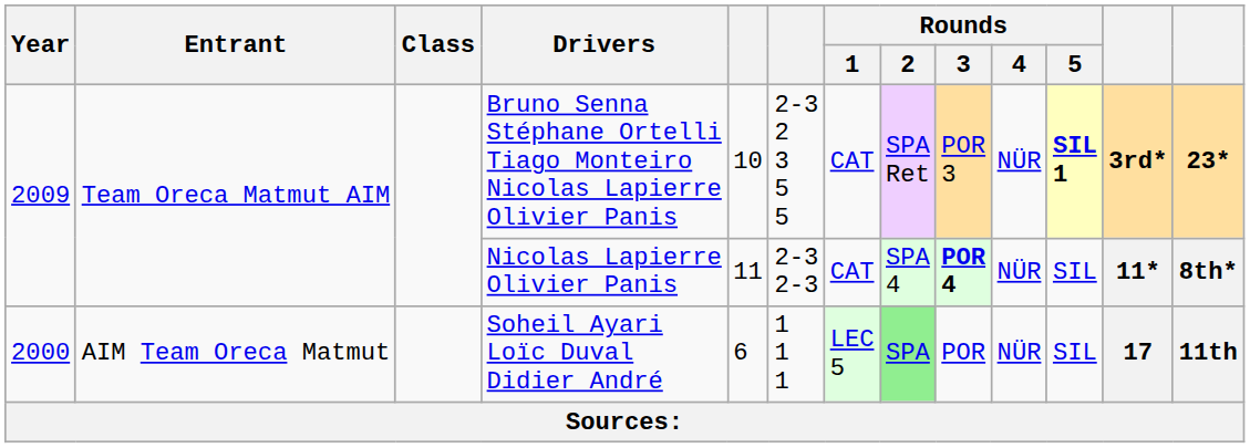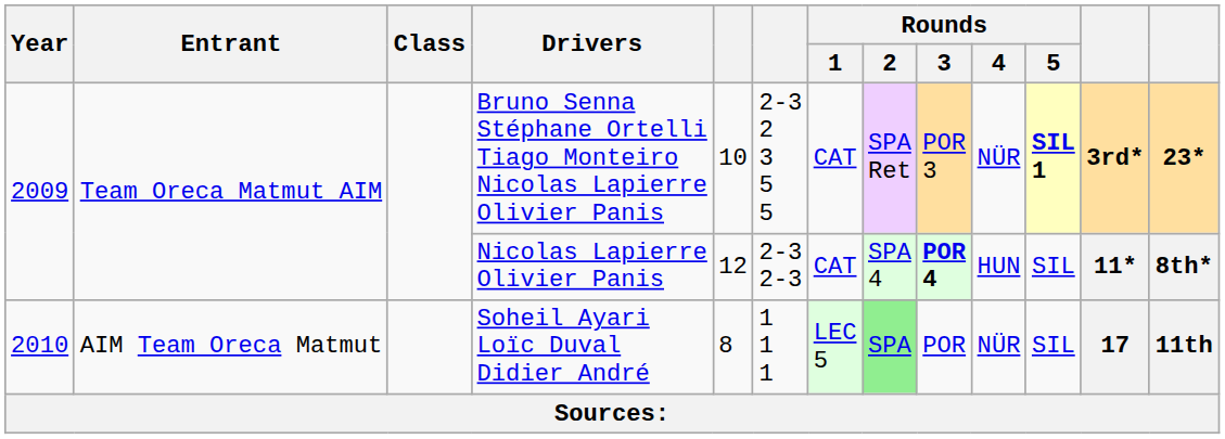 <table class="wikitable">
 <tr>
 <th rowspan="2">Year</th>
 <th rowspan="2">Entrant</th>
 <th rowspan="2">Class</th>
 <th rowspan="2">Drivers</th>
 <th rowspan="2"></th>
 <th rowspan="2"></th>
 <th colspan="5">Rounds</th>
 <th rowspan="2"></th>
 <th rowspan="2"></th>
 </tr>
 <tr>
 <th>1</th>
 <th>2</th>
 <th>3</th>
 <th>4</th>
 <th>5</th>
 </tr>
 <tr>
 <td rowspan="2"><a href='#'>2009</a></td>
 <td rowspan="2"> <a href='#'>Team Oreca Matmut AIM</a></td>
 <td rowspan="2"></td>
 <td> <a href='#'>Bruno Senna</a><br> <a href='#'>Stéphane Ortelli</a><br> <a href='#'>Tiago Monteiro</a><br> <a href='#'>Nicolas Lapierre</a><br> <a href='#'>Olivier Panis</a></td>
 <td>10</td>
 <td>2-3<br>2<br>3<br>5<br>5</td>
 <td><a href='#'>CAT</a><br></td>
 <td style="background:#EFCFFF;"><a href='#'>SPA</a><br>Ret</td>
 <td style="background:#FFDF9F;”"><a href='#'>POR</a><br>3</td>
 <td><a href='#'>NÜR</a><br></td>
 <td style="background:#FFFFBF;”"><strong><a href='#'>SIL</a><br>1</strong></td>
 <th style="background:#FFDF9F;”">3rd*</th>
 <th style="background:#FFDF9F;”">23*</th>
 </tr>
 <tr>
 <td> <a href='#'>Nicolas Lapierre</a><br> <a href='#'>Olivier Panis</a></td>
-<td>11</td>
+<td>12</td>
 <td>2-3<br>2-3</td>
 <td><a href='#'>CAT</a><br></td>
 <td style="background:#DFFFDF;"><a href='#'>SPA</a><br>4</td>
 <td style="background:#DFFFDF;"><strong><a href='#'>POR</a><br>4</strong></td>
-<td><a href='#'>NÜR</a><br></td>
+<td><a href='#'>HUN</a><br></td>
 <td><a href='#'>SIL</a><br></td>
 <th>11*</th>
 <th>8th*</th>
 </tr>
 <tr>
-<td><a href='#'>2000</a></td>
+<td><a href='#'>2010</a></td>
 <td> AIM <a href='#'>Team Oreca</a> Matmut</td>
 <td></td>
 <td> <a href='#'>Soheil Ayari</a><br> <a href='#'>Loïc Duval</a><br> <a href='#'>Didier André</a></td>
-<td>6</td>
+<td>8</td>
 <td>1<br>1<br>1</td>
 <td style="background:#DFFFDF;"><a href='#'>LEC</a><br>5</td>
 <td style="background: lightgreen;"><a href='#'>SPA</a><br></td>
 <td><a href='#'>POR</a><br></td>
 <td><a href='#'>NÜR</a><br></td>
 <td><a href='#'>SIL</a><br></td>
 <th>17</th>
 <th>11th</th>
 </tr>
 <tr>
 <th colspan="13">Sources:</th>
 </tr>
 </table>
